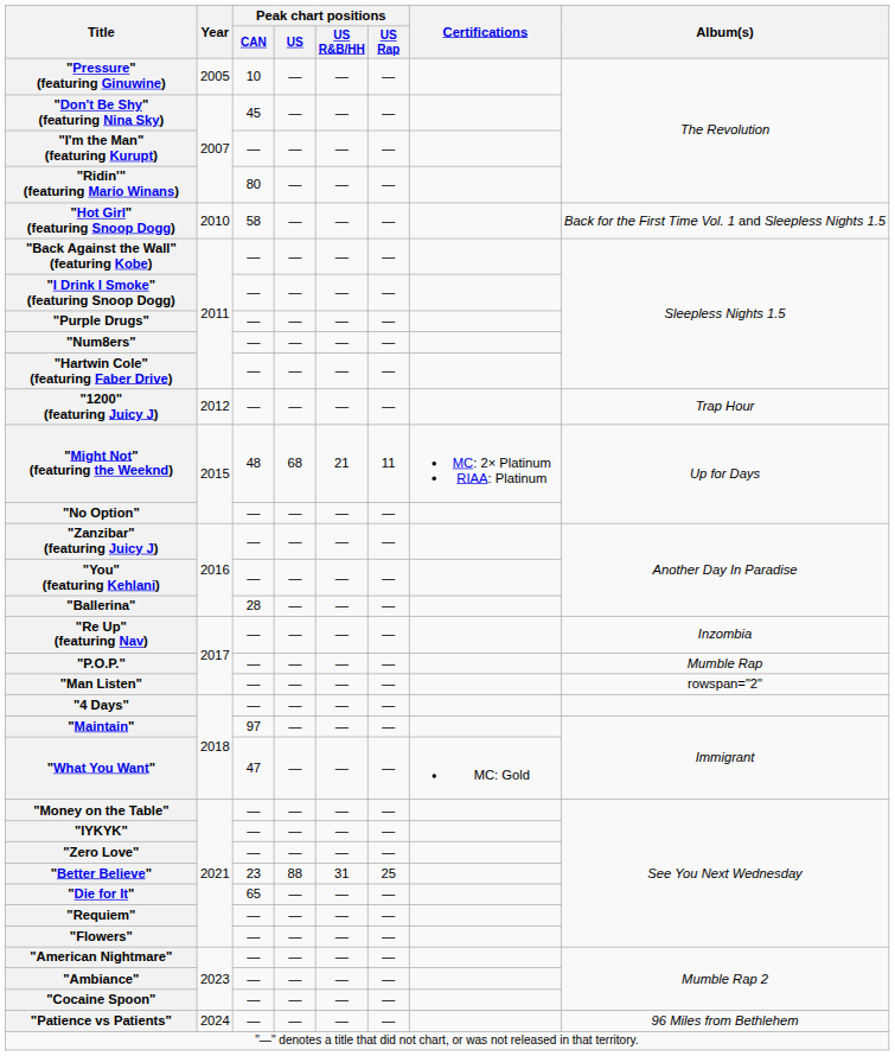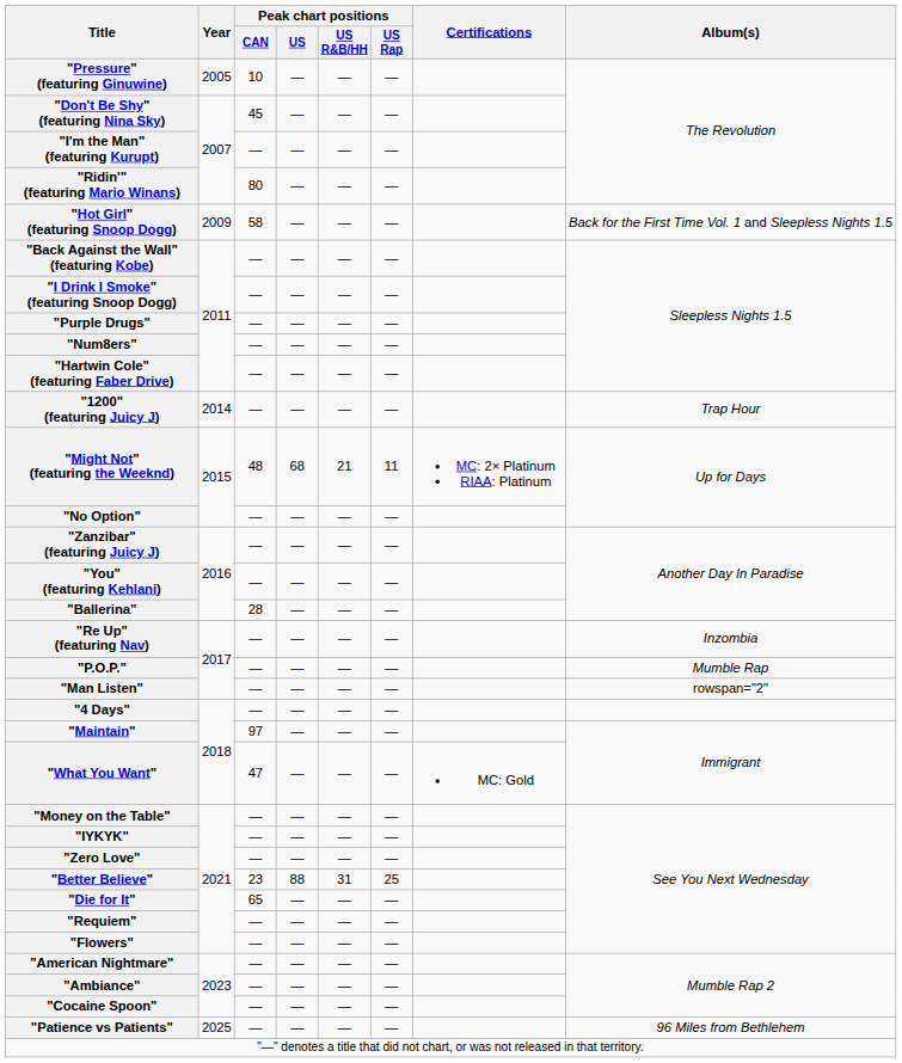 <table class="wikitable plainrowheaders" style="text-align:center;">
 <tr>
 <th scope="col" rowspan="2" style="width:14em;">Title</th>
 <th scope="col" rowspan="2">Year</th>
 <th scope="col" colspan="4">Peak chart positions</th>
 <th scope="col" rowspan="2" style="width:11em;"><a href='#'>Certifications</a></th>
 <th scope="col" rowspan="2">Album(s)</th>
 </tr>
 <tr>
 <th scope="col" style="width:3em;font-size:90%;"><a href='#'>CAN</a><br></th>
 <th scope="col" style="width:3em;font-size:90%;"><a href='#'>US</a><br></th>
 <th scope="col" style="width:3em;font-size:90%;"><a href='#'>US R&B/HH</a><br></th>
 <th scope="col" style="width:3em;font-size:90%;"><a href='#'>US Rap</a><br></th>
 </tr>
 <tr>
 <th scope="row">"<a href='#'>Pressure</a>"<br><span>(featuring <a href='#'>Ginuwine</a>)</span></th>
 <td>2005</td>
 <td>10</td>
 <td>—</td>
 <td>—</td>
 <td>—</td>
 <td></td>
 <td rowspan="4"><em>The Revolution</em></td>
 </tr>
 <tr>
 <th scope="row">"<a href='#'>Don't Be Shy</a>" <br><span>(featuring <a href='#'>Nina Sky</a>)</span></th>
 <td rowspan="3">2007</td>
 <td>45</td>
 <td>—</td>
 <td>—</td>
 <td>—</td>
 <td></td>
 </tr>
 <tr>
 <th scope="row">"I'm the Man" <br><span>(featuring <a href='#'>Kurupt</a>)</span></th>
 <td>—</td>
 <td>—</td>
 <td>—</td>
 <td>—</td>
 <td></td>
 </tr>
 <tr>
 <th scope="row">"Ridin'" <br><span>(featuring <a href='#'>Mario Winans</a>)</span></th>
 <td>80</td>
 <td>—</td>
 <td>—</td>
 <td>—</td>
 <td></td>
 </tr>
 <tr>
 <th scope="row">"<a href='#'>Hot Girl</a>" <br><span>(featuring <a href='#'>Snoop Dogg</a>)</span></th>
-<td>2010</td>
+<td>2009</td>
 <td>58</td>
 <td>—</td>
 <td>—</td>
 <td>—</td>
 <td></td>
 <td><em>Back for the First Time Vol. 1</em> and <em>Sleepless Nights 1.5</em></td>
 </tr>
 <tr>
 <th scope="row">"Back Against the Wall" <br><span>(featuring <a href='#'>Kobe</a>)</span></th>
 <td rowspan="5">2011</td>
 <td>—</td>
 <td>—</td>
 <td>—</td>
 <td>—</td>
 <td></td>
 <td rowspan="5"><em>Sleepless Nights 1.5</em></td>
 </tr>
 <tr>
 <th scope="row">"<a href='#'>I Drink I Smoke</a>" <br><span>(featuring Snoop Dogg)</span></th>
 <td>—</td>
 <td>—</td>
 <td>—</td>
 <td>—</td>
 <td></td>
 </tr>
 <tr>
 <th scope="row">"Purple Drugs"</th>
 <td>—</td>
 <td>—</td>
 <td>—</td>
 <td>—</td>
 <td></td>
 </tr>
 <tr>
 <th scope="row">"Num8ers"</th>
 <td>—</td>
 <td>—</td>
 <td>—</td>
 <td>—</td>
 </tr>
 <tr>
 <th scope="row">"Hartwin Cole" <br><span>(featuring <a href='#'>Faber Drive</a>)</span></th>
 <td>—</td>
 <td>—</td>
 <td>—</td>
 <td>—</td>
 <td></td>
 </tr>
 <tr>
 <th scope="row">"1200" <br><span>(featuring <a href='#'>Juicy J</a>)</span></th>
-<td>2012</td>
+<td>2014</td>
 <td>—</td>
 <td>—</td>
 <td>—</td>
 <td>—</td>
 <td></td>
 <td><em>Trap Hour</em></td>
 </tr>
 <tr>
 <th scope="row">"<a href='#'>Might Not</a>" <br><span>(featuring <a href='#'>the Weeknd</a>)</span></th>
 <td rowspan="2">2015</td>
 <td>48</td>
 <td>68</td>
 <td>21</td>
 <td>11</td>
 <td><br><ul><li><a href='#'>MC</a>: 2× Platinum</li><li><a href='#'>RIAA</a>: Platinum</li></ul></td>
 <td rowspan="2"><em>Up for Days</em></td>
 </tr>
 <tr>
 <th scope="row">"No Option"</th>
 <td>—</td>
 <td>—</td>
 <td>—</td>
 <td>—</td>
 <td></td>
 </tr>
 <tr>
 <th scope="row">"Zanzibar"<br><span>(featuring <a href='#'>Juicy J</a>)</span></th>
 <td rowspan="3">2016</td>
 <td>—</td>
 <td>—</td>
 <td>—</td>
 <td>—</td>
 <td></td>
 <td rowspan="3"><em>Another Day In Paradise</em></td>
 </tr>
 <tr>
 <th scope="row">"You"<br><span>(featuring <a href='#'>Kehlani</a>)</span></th>
 <td>—</td>
 <td>—</td>
 <td>—</td>
 <td>—</td>
 <td></td>
 </tr>
 <tr>
 <th scope="row">"Ballerina"</th>
 <td>28</td>
 <td>—</td>
 <td>—</td>
 <td>—</td>
 <td></td>
 </tr>
 <tr>
 <th scope="row">"Re Up"<br><span>(featuring <a href='#'>Nav</a>)</span></th>
 <td rowspan="3">2017</td>
 <td>—</td>
 <td>—</td>
 <td>—</td>
 <td>—</td>
 <td></td>
 <td><em>Inzombia</em></td>
 </tr>
 <tr>
 <th scope="row">"P.O.P."</th>
 <td>—</td>
 <td>—</td>
 <td>—</td>
 <td>—</td>
 <td></td>
 <td><em>Mumble Rap</em></td>
 </tr>
 <tr>
 <th scope="row">"Man Listen"</th>
 <td>—</td>
 <td>—</td>
 <td>—</td>
 <td>—</td>
 <td></td>
 <td>rowspan="2" </td>
 </tr>
 <tr>
 <th scope="row">"4 Days"<br></th>
 <td rowspan="3">2018</td>
 <td>—</td>
 <td>—</td>
 <td>—</td>
 <td>—</td>
 <td></td>
 </tr>
 <tr>
 <th scope="row">"<a href='#'>Maintain</a>"<br></th>
 <td>97</td>
 <td>—</td>
 <td>—</td>
 <td>—</td>
 <td></td>
 <td rowspan="2"><em>Immigrant</em></td>
 </tr>
 <tr>
 <th scope="row">"<a href='#'>What You Want</a>"<br></th>
 <td>47</td>
 <td>—</td>
 <td>—</td>
 <td>—</td>
 <td><br><ul><li>MC: Gold</li></ul></td>
 </tr>
 <tr>
 <th scope="row">"Money on the Table"<br></th>
 <td rowspan="7">2021</td>
 <td>—</td>
 <td>—</td>
 <td>—</td>
 <td>—</td>
 <td></td>
 <td rowspan="7"><em>See You Next Wednesday</em></td>
 </tr>
 <tr>
 <th scope="row">"IYKYK"</th>
 <td>—</td>
 <td>—</td>
 <td>—</td>
 <td>—</td>
 <td></td>
 </tr>
 <tr>
 <th scope="row">"Zero Love"<br></th>
 <td>—</td>
 <td>—</td>
 <td>—</td>
 <td>—</td>
 <td></td>
 </tr>
 <tr>
 <th scope="row">"<a href='#'>Better Believe</a>"<br></th>
 <td>23</td>
 <td>88</td>
 <td>31</td>
 <td>25</td>
 <td></td>
 </tr>
 <tr>
 <th scope="row">"<a href='#'>Die for It</a>"<br></th>
 <td>65</td>
 <td>—</td>
 <td>—</td>
 <td>—</td>
 <td></td>
 </tr>
 <tr>
 <th scope="row">"Requiem"<br></th>
 <td>—</td>
 <td>—</td>
 <td>—</td>
 <td>—</td>
 <td></td>
 </tr>
 <tr>
 <th scope="row">"Flowers"</th>
 <td>—</td>
 <td>—</td>
 <td>—</td>
 <td>—</td>
 <td></td>
 </tr>
 <tr>
 <th scope="row">"American Nightmare"</th>
 <td rowspan="3">2023</td>
 <td>—</td>
 <td>—</td>
 <td>—</td>
 <td>—</td>
 <td></td>
 <td rowspan="3"><em>Mumble Rap 2</em></td>
 </tr>
 <tr>
 <th scope="row">"Ambiance"</th>
 <td>—</td>
 <td>—</td>
 <td>—</td>
 <td>—</td>
 <td></td>
 </tr>
 <tr>
 <th scope="row">"Cocaine Spoon"<br></th>
 <td>—</td>
 <td>—</td>
 <td>—</td>
 <td>—</td>
 <td></td>
 </tr>
 <tr>
 <th scope="row">"Patience vs Patients"</th>
-<td>2024</td>
+<td>2025</td>
 <td>—</td>
 <td>—</td>
 <td>—</td>
 <td>—</td>
 <td></td>
 <td><em>96 Miles from Bethlehem</em></td>
 </tr>
 <tr>
 <td colspan="9" style="font-size:90%">"—" denotes a title that did not chart, or was not released in that territory.</td>
 </tr>
 </table>
